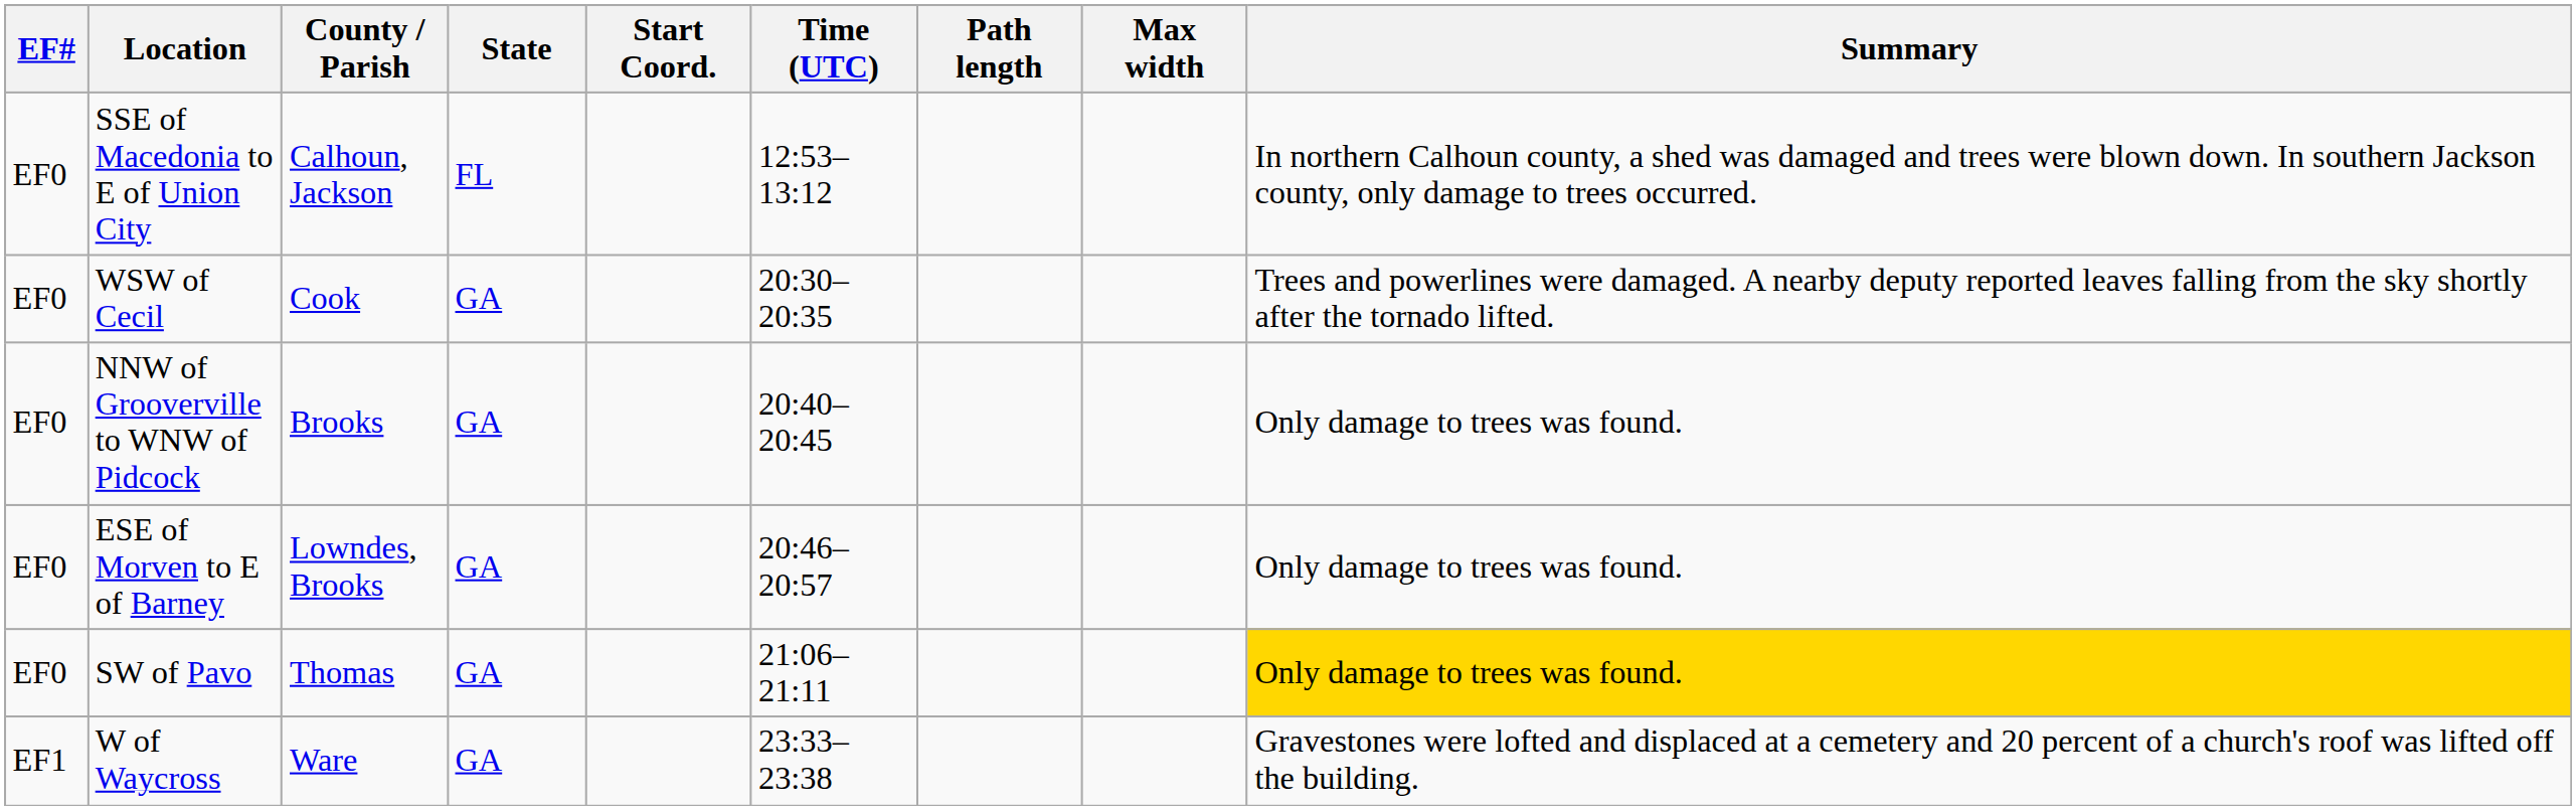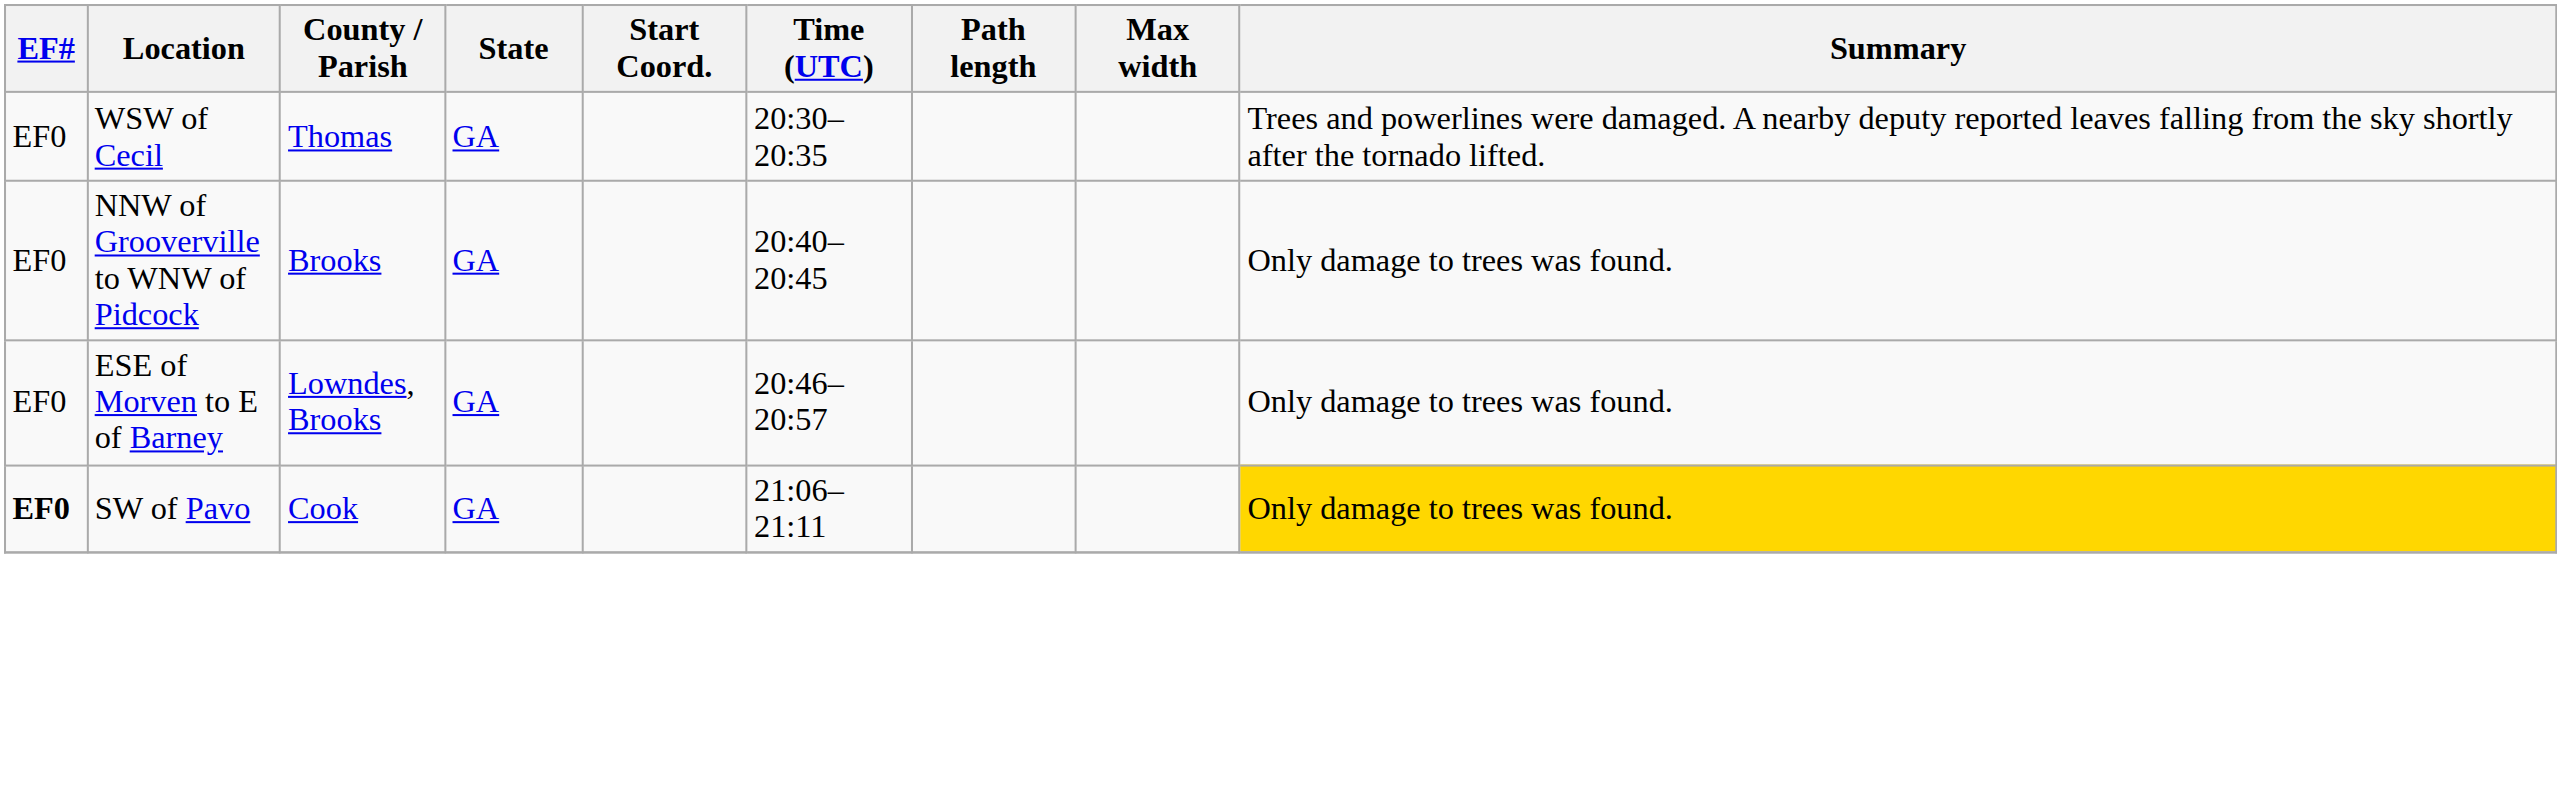 <table class="wikitable sortable" style="width:100%;">
 <tr>
 <th scope="col"  style="width:3%; text-align:center;"><a href='#'>EF#</a></th>
 <th scope="col"  style="width:7%; text-align:center;" class="unsortable">Location</th>
 <th scope="col"  style="width:6%; text-align:center;" class="unsortable">County / Parish</th>
 <th scope="col"  style="width:5%; text-align:center;">State</th>
 <th scope="col"  style="width:6%; text-align:center;">Start Coord.</th>
 <th scope="col"  style="width:6%; text-align:center;">Time (<a href='#'>UTC</a>)</th>
 <th scope="col"  style="width:6%; text-align:center;">Path length</th>
 <th scope="col"  style="width:6%; text-align:center;">Max width</th>
 <th scope="col" class="unsortable" style="width:48%; text-align:center;">Summary</th>
 </tr>
 <tr>
 <td>EF0</td>
-<td>SSE of <a href='#'>Macedonia</a> to E of <a href='#'>Union City</a></td>
-<td><a href='#'>Calhoun</a>, <a href='#'>Jackson</a></td>
-<td><a href='#'>FL</a></td>
-<td></td>
-<td>12:53–13:12</td>
-<td></td>
-<td></td>
-<td>In northern Calhoun county, a shed was damaged and trees were blown down. In southern Jackson county, only damage to trees occurred.</td>
-</tr>
-<tr>
-<td>EF0</td>
 <td>WSW of <a href='#'>Cecil</a></td>
-<td><a href='#'>Cook</a></td>
+<td><a href='#'>Thomas</a></td>
 <td><a href='#'>GA</a></td>
 <td></td>
 <td>20:30–20:35</td>
 <td></td>
 <td></td>
 <td>Trees and powerlines were damaged. A nearby deputy reported leaves falling from the sky shortly after the tornado lifted.</td>
 </tr>
 <tr>
 <td>EF0</td>
 <td>NNW of <a href='#'>Grooverville</a> to WNW of <a href='#'>Pidcock</a></td>
 <td><a href='#'>Brooks</a></td>
 <td><a href='#'>GA</a></td>
 <td></td>
 <td>20:40–20:45</td>
 <td></td>
 <td></td>
 <td>Only damage to trees was found.</td>
 </tr>
 <tr>
 <td>EF0</td>
 <td>ESE of <a href='#'>Morven</a> to E of <a href='#'>Barney</a></td>
 <td><a href='#'>Lowndes</a>, <a href='#'>Brooks</a></td>
 <td><a href='#'>GA</a></td>
 <td></td>
 <td>20:46–20:57</td>
 <td></td>
 <td></td>
 <td>Only damage to trees was found.</td>
 </tr>
 <tr>
-<td>EF0</td>
+<td><strong>EF0</strong></td>
 <td>SW of <a href='#'>Pavo</a></td>
-<td><a href='#'>Thomas</a></td>
+<td><a href='#'>Cook</a></td>
 <td><a href='#'>GA</a></td>
 <td></td>
 <td>21:06–21:11</td>
 <td></td>
 <td></td>
 <td style="background: gold;">Only damage to trees was found.</td>
 </tr>
 <tr>
-<td>EF1</td>
-<td>W of <a href='#'>Waycross</a></td>
-<td><a href='#'>Ware</a></td>
-<td><a href='#'>GA</a></td>
-<td></td>
-<td>23:33–23:38</td>
-<td></td>
-<td></td>
-<td>Gravestones were lofted and displaced at a cemetery and 20 percent of a church's roof was lifted off the building.</td>
-</tr>
-<tr>
 </tr>
 </table>
